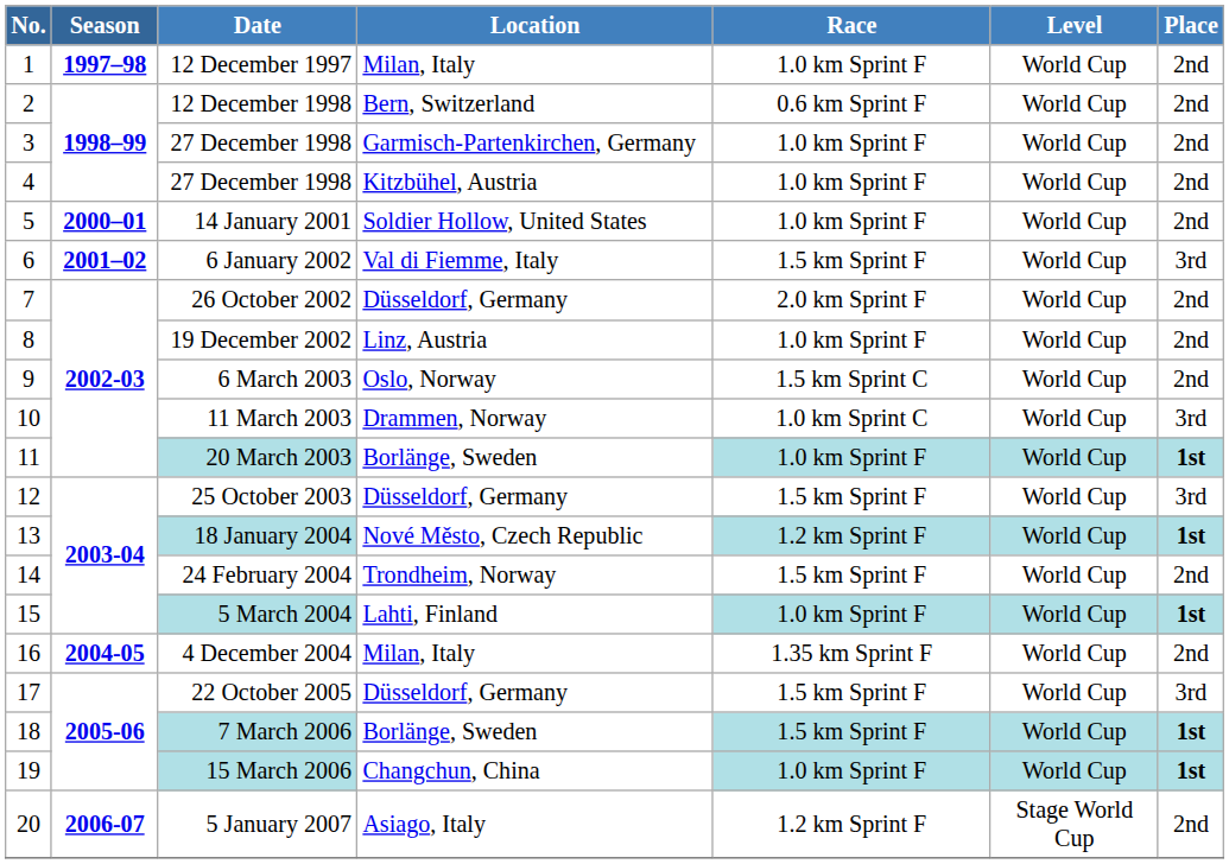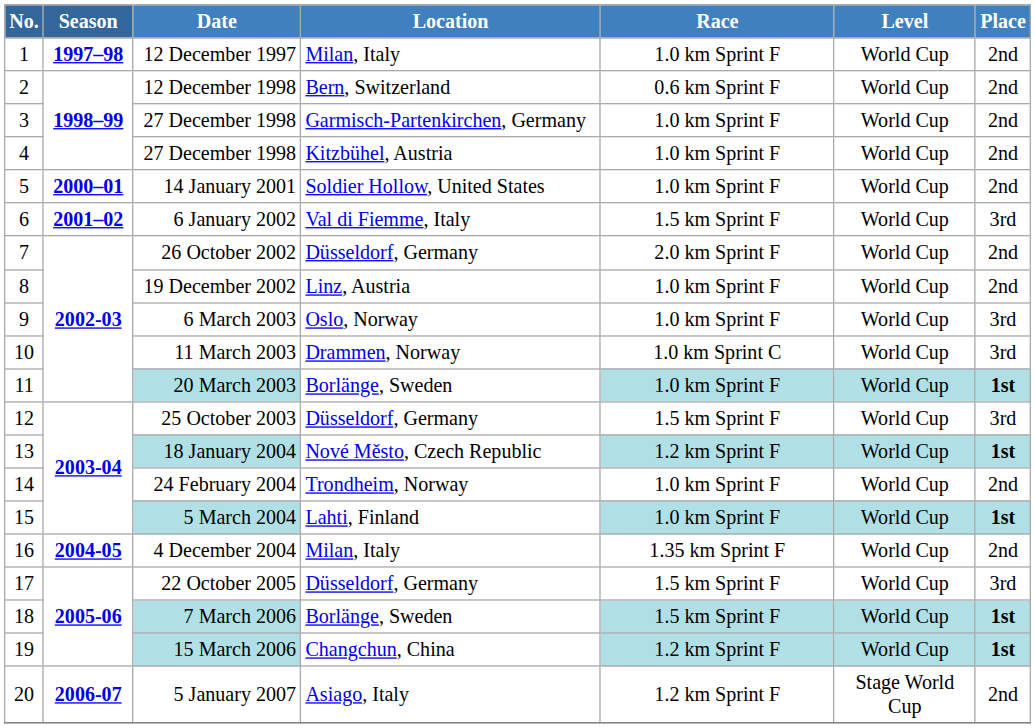 <table class="wikitable sortable" style="font-size:95%; text-align:center; border:grey solid 1px; border-collapse:collapse; background:#ffffff;">
 <tr style="background:#efefef;">
 <th style="background-color:#369; color:white;">No.</th>
 <th style="background-color:#369; color:white;">Season</th>
 <th style="background-color:#4180be; color:white; width:120px;">Date</th>
 <th style="background-color:#4180be; color:white; width:220px;">Location</th>
 <th style="background-color:#4180be; color:white; width:170px;">Race</th>
 <th style="background-color:#4180be; color:white; width:100px;">Level</th>
 <th style="background-color:#4180be; color:white;">Place</th>
 </tr>
 <tr>
 <td align=center>1</td>
 <td rowspan=1 align=center><strong> <a href='#'>1997–98</a> </strong></td>
 <td align=right>12 December 1997</td>
 <td align=left> <a href='#'>Milan</a>, Italy</td>
 <td>1.0 km Sprint F</td>
 <td>World Cup</td>
 <td>2nd</td>
 </tr>
 <tr>
 <td align=center>2</td>
 <td rowspan=3 align=center><strong> <a href='#'>1998–99</a> </strong></td>
 <td align=right>12 December 1998</td>
 <td align=left> <a href='#'>Bern</a>, Switzerland</td>
 <td>0.6 km Sprint F</td>
 <td>World Cup</td>
 <td>2nd</td>
 </tr>
 <tr>
 <td align=center>3</td>
 <td align=right>27 December 1998</td>
 <td align=left> <a href='#'>Garmisch-Partenkirchen</a>, Germany</td>
 <td>1.0 km Sprint F</td>
 <td>World Cup</td>
 <td>2nd</td>
 </tr>
 <tr>
 <td align=center>4</td>
 <td align=right>27 December 1998</td>
 <td align=left> <a href='#'>Kitzbühel</a>, Austria</td>
 <td>1.0 km Sprint F</td>
 <td>World Cup</td>
 <td>2nd</td>
 </tr>
 <tr>
 <td align=center>5</td>
 <td rowspan=1 align=center><strong> <a href='#'>2000–01</a> </strong></td>
 <td align=right>14 January 2001</td>
 <td align=left> <a href='#'>Soldier Hollow</a>, United States</td>
 <td>1.0 km Sprint F</td>
 <td>World Cup</td>
 <td>2nd</td>
 </tr>
 <tr>
 <td align=center>6</td>
 <td rowspan=1 align=center><strong> <a href='#'>2001–02</a> </strong></td>
 <td align=right>6 January 2002</td>
 <td align=left> <a href='#'>Val di Fiemme</a>, Italy</td>
 <td>1.5 km Sprint F</td>
 <td>World Cup</td>
 <td>3rd</td>
 </tr>
 <tr>
 <td align=center>7</td>
 <td rowspan=5 align=center><strong> <a href='#'>2002-03</a> </strong></td>
 <td align=right>26 October 2002</td>
 <td align=left> <a href='#'>Düsseldorf</a>, Germany</td>
 <td>2.0 km Sprint F</td>
 <td>World Cup</td>
 <td>2nd</td>
 </tr>
 <tr>
 <td align=center>8</td>
 <td align=right>19 December 2002</td>
 <td align=left> <a href='#'>Linz</a>, Austria</td>
 <td>1.0 km Sprint F</td>
 <td>World Cup</td>
 <td>2nd</td>
 </tr>
 <tr>
 <td align=center>9</td>
 <td align=right>6 March 2003</td>
 <td align=left> <a href='#'>Oslo</a>, Norway</td>
-<td>1.5 km Sprint C</td>
+<td>1.0 km Sprint F</td>
 <td>World Cup</td>
-<td>2nd</td>
+<td>3rd</td>
 </tr>
 <tr>
 <td align=center>10</td>
 <td align=right>11 March 2003</td>
 <td align=left> <a href='#'>Drammen</a>, Norway</td>
 <td>1.0 km Sprint C</td>
 <td>World Cup</td>
 <td>3rd</td>
 </tr>
 <tr>
 <td align=center>11</td>
 <td bgcolor="#BOEOE6" align=right>20 March 2003</td>
 <td align=left> <a href='#'>Borlänge</a>, Sweden</td>
 <td bgcolor="#BOEOE6" align=center>1.0 km Sprint F</td>
 <td bgcolor="#BOEOE6">World Cup</td>
 <td bgcolor="#BOEOE6"><strong>1st</strong></td>
 </tr>
 <tr>
 <td align=center>12</td>
 <td rowspan=4 align=center><strong> <a href='#'>2003-04</a> </strong></td>
 <td align=right>25 October 2003</td>
 <td align=left> <a href='#'>Düsseldorf</a>, Germany</td>
 <td>1.5 km Sprint F</td>
 <td>World Cup</td>
 <td>3rd</td>
 </tr>
 <tr>
 <td align=center>13</td>
 <td bgcolor="#BOEOE6" align=right>18 January 2004</td>
 <td align=left> <a href='#'>Nové Město</a>, Czech Republic</td>
 <td bgcolor="#BOEOE6" align=center>1.2 km Sprint F</td>
 <td bgcolor="#BOEOE6">World Cup</td>
 <td bgcolor="#BOEOE6"><strong>1st</strong></td>
 </tr>
 <tr>
 <td align=center>14</td>
 <td align=right>24 February 2004</td>
 <td align=left> <a href='#'>Trondheim</a>, Norway</td>
-<td>1.5 km Sprint F</td>
+<td>1.0 km Sprint F</td>
 <td>World Cup</td>
 <td>2nd</td>
 </tr>
 <tr>
 <td align=center>15</td>
 <td bgcolor="#BOEOE6" align=right>5 March 2004</td>
 <td align=left> <a href='#'>Lahti</a>, Finland</td>
 <td bgcolor="#BOEOE6" align=center>1.0 km Sprint F</td>
 <td bgcolor="#BOEOE6">World Cup</td>
 <td bgcolor="#BOEOE6"><strong>1st</strong></td>
 </tr>
 <tr>
 <td align=center>16</td>
 <td rowspan=1 align=center><strong> <a href='#'>2004-05</a> </strong></td>
 <td align=right>4 December 2004</td>
 <td align=left> <a href='#'>Milan</a>, Italy</td>
 <td>1.35 km Sprint F</td>
 <td>World Cup</td>
 <td>2nd</td>
 </tr>
 <tr>
 <td align=center>17</td>
 <td rowspan=3 align=center><strong> <a href='#'>2005-06</a> </strong></td>
 <td align=right>22 October 2005</td>
 <td align=left> <a href='#'>Düsseldorf</a>, Germany</td>
 <td>1.5 km Sprint F</td>
 <td>World Cup</td>
 <td>3rd</td>
 </tr>
 <tr>
 <td align=center>18</td>
 <td bgcolor="#BOEOE6" align=right>7 March 2006</td>
 <td align=left> <a href='#'>Borlänge</a>, Sweden</td>
 <td bgcolor="#BOEOE6" align=center>1.5 km Sprint F</td>
 <td bgcolor="#BOEOE6">World Cup</td>
 <td bgcolor="#BOEOE6"><strong>1st</strong></td>
 </tr>
 <tr>
 <td align=center>19</td>
 <td bgcolor="#BOEOE6" align=right>15 March 2006</td>
 <td align=left> <a href='#'>Changchun</a>, China</td>
-<td bgcolor="#BOEOE6" align=center>1.0 km Sprint F</td>
+<td bgcolor="#BOEOE6" align=center>1.2 km Sprint F</td>
 <td bgcolor="#BOEOE6">World Cup</td>
 <td bgcolor="#BOEOE6"><strong>1st</strong></td>
 </tr>
 <tr>
 <td align=center>20</td>
 <td rowspan=1 align=center><strong> <a href='#'>2006-07</a> </strong></td>
 <td align=right>5 January 2007</td>
 <td align=left> <a href='#'>Asiago</a>, Italy</td>
 <td>1.2 km Sprint F</td>
 <td>Stage World Cup</td>
 <td>2nd</td>
 </tr>
 <tr>
 </tr>
 </table>
